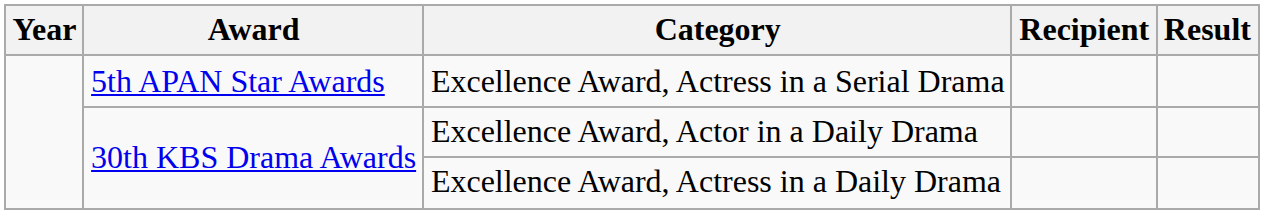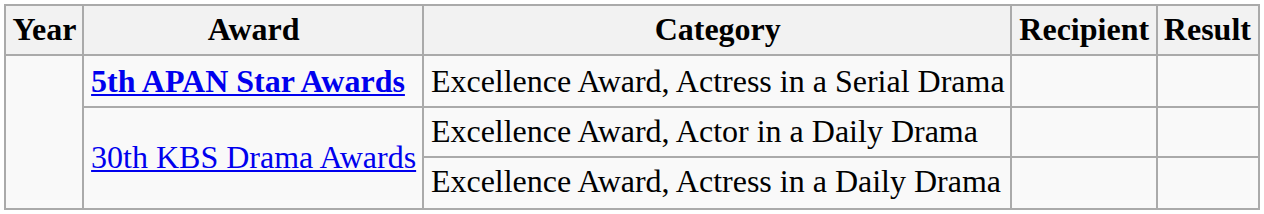 <table class="wikitable">
 <tr>
 <th>Year</th>
 <th>Award</th>
 <th>Category</th>
 <th>Recipient</th>
 <th>Result</th>
 </tr>
 <tr>
 <td rowspan="3"></td>
-<td><a href='#'>5th APAN Star Awards</a></td>
+<td><strong><a href='#'>5th APAN Star Awards</a></strong></td>
 <td>Excellence Award, Actress in a Serial Drama</td>
 <td></td>
 <td></td>
 </tr>
 <tr>
 <td rowspan="2"><a href='#'>30th KBS Drama Awards</a></td>
 <td>Excellence Award, Actor in a Daily Drama</td>
 <td></td>
 <td></td>
 </tr>
 <tr>
 <td>Excellence Award, Actress in a Daily Drama</td>
 <td></td>
 <td></td>
 </tr>
 <tr>
 </tr>
 </table>
